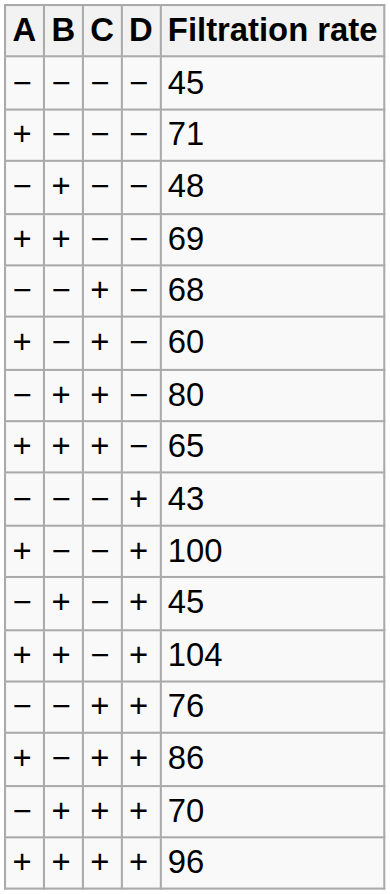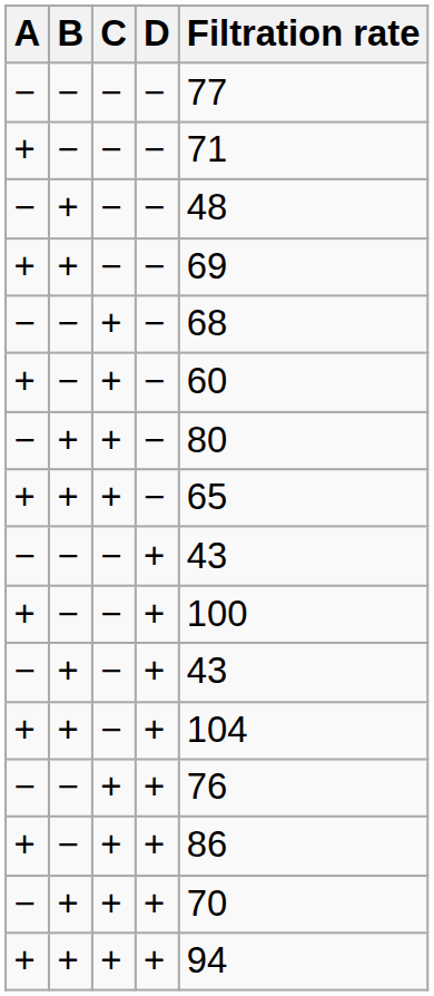 <table class="wikitable sortable mw-collapsible">
 <tr>
 <th>A</th>
 <th>B</th>
 <th>C</th>
 <th>D</th>
 <th>Filtration rate</th>
 </tr>
 <tr>
 <td>−</td>
 <td>−</td>
 <td>−</td>
 <td>−</td>
-<td>45</td>
+<td>77</td>
 </tr>
 <tr>
 <td>+</td>
 <td>−</td>
 <td>−</td>
 <td>−</td>
 <td>71</td>
 </tr>
 <tr>
 <td>−</td>
 <td>+</td>
 <td>−</td>
 <td>−</td>
 <td>48</td>
 </tr>
 <tr>
 <td>+</td>
 <td>+</td>
 <td>−</td>
 <td>−</td>
 <td>69</td>
 </tr>
 <tr>
 <td>−</td>
 <td>−</td>
 <td>+</td>
 <td>−</td>
 <td>68</td>
 </tr>
 <tr>
 <td>+</td>
 <td>−</td>
 <td>+</td>
 <td>−</td>
 <td>60</td>
 </tr>
 <tr>
 <td>−</td>
 <td>+</td>
 <td>+</td>
 <td>−</td>
 <td>80</td>
 </tr>
 <tr>
 <td>+</td>
 <td>+</td>
 <td>+</td>
 <td>−</td>
 <td>65</td>
 </tr>
 <tr>
 <td>−</td>
 <td>−</td>
 <td>−</td>
 <td>+</td>
 <td>43</td>
 </tr>
 <tr>
 <td>+</td>
 <td>−</td>
 <td>−</td>
 <td>+</td>
 <td>100</td>
 </tr>
 <tr>
 <td>−</td>
 <td>+</td>
 <td>−</td>
 <td>+</td>
-<td>45</td>
+<td>43</td>
 </tr>
 <tr>
 <td>+</td>
 <td>+</td>
 <td>−</td>
 <td>+</td>
 <td>104</td>
 </tr>
 <tr>
 <td>−</td>
 <td>−</td>
 <td>+</td>
 <td>+</td>
 <td>76</td>
 </tr>
 <tr>
 <td>+</td>
 <td>−</td>
 <td>+</td>
 <td>+</td>
 <td>86</td>
 </tr>
 <tr>
 <td>−</td>
 <td>+</td>
 <td>+</td>
 <td>+</td>
 <td>70</td>
 </tr>
 <tr>
 <td>+</td>
 <td>+</td>
 <td>+</td>
 <td>+</td>
-<td>96</td>
+<td>94</td>
 </tr>
 </table>
